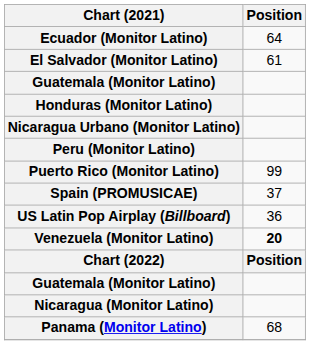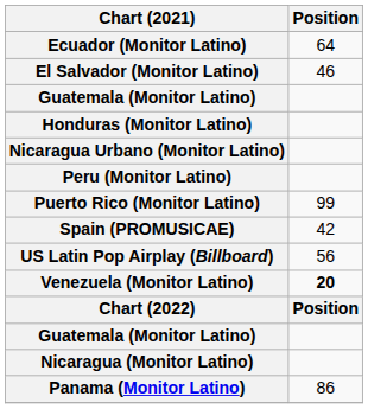 <table class="wikitable sortable plainrowheaders">
 <tr>
 <th scope="col">Chart (2021)</th>
 <th scope="col">Position</th>
 </tr>
 <tr>
 <th scope="row">Ecuador (Monitor Latino)</th>
 <td style="text-align:center;">64</td>
 </tr>
 <tr>
 <th scope="row">El Salvador (Monitor Latino)</th>
-<td style="text-align:center;">61</td>
+<td style="text-align:center;">46</td>
 </tr>
 <tr>
 <th scope="row">Guatemala (Monitor Latino)</th>
 <td></td>
 </tr>
 <tr>
 <th scope="row">Honduras (Monitor Latino)</th>
 <td></td>
 </tr>
 <tr>
 <th scope="row">Nicaragua Urbano (Monitor Latino)</th>
 <td></td>
 </tr>
 <tr>
 <th scope="row">Peru (Monitor Latino)</th>
 <td></td>
 </tr>
 <tr>
 <th scope="row">Puerto Rico (Monitor Latino)</th>
 <td style="text-align:center;">99</td>
 </tr>
 <tr>
 <th scope="row">Spain (PROMUSICAE)</th>
-<td style="text-align:center;">37</td>
+<td style="text-align:center;">42</td>
 </tr>
 <tr>
 <th scope="row">US Latin Pop Airplay (<em>Billboard</em>)</th>
-<td style="text-align:center;">36</td>
+<td style="text-align:center;">56</td>
 </tr>
 <tr>
 <th scope="row">Venezuela (Monitor Latino)</th>
 <td style="text-align:center;"><strong>20</strong></td>
 </tr>
 <tr>
 <th scope="col">Chart (2022)</th>
 <th scope="col">Position</th>
 </tr>
 <tr>
 <th scope="row">Guatemala (Monitor Latino)</th>
 <td></td>
 </tr>
 <tr>
 <th scope="row">Nicaragua (Monitor Latino)</th>
 <td></td>
 </tr>
 <tr>
 <th scope="row">Panama (<a href='#'>Monitor Latino</a>)</th>
-<td style="text-align:center;">68</td>
+<td style="text-align:center;">86</td>
 </tr>
 <tr>
 </tr>
 </table>
